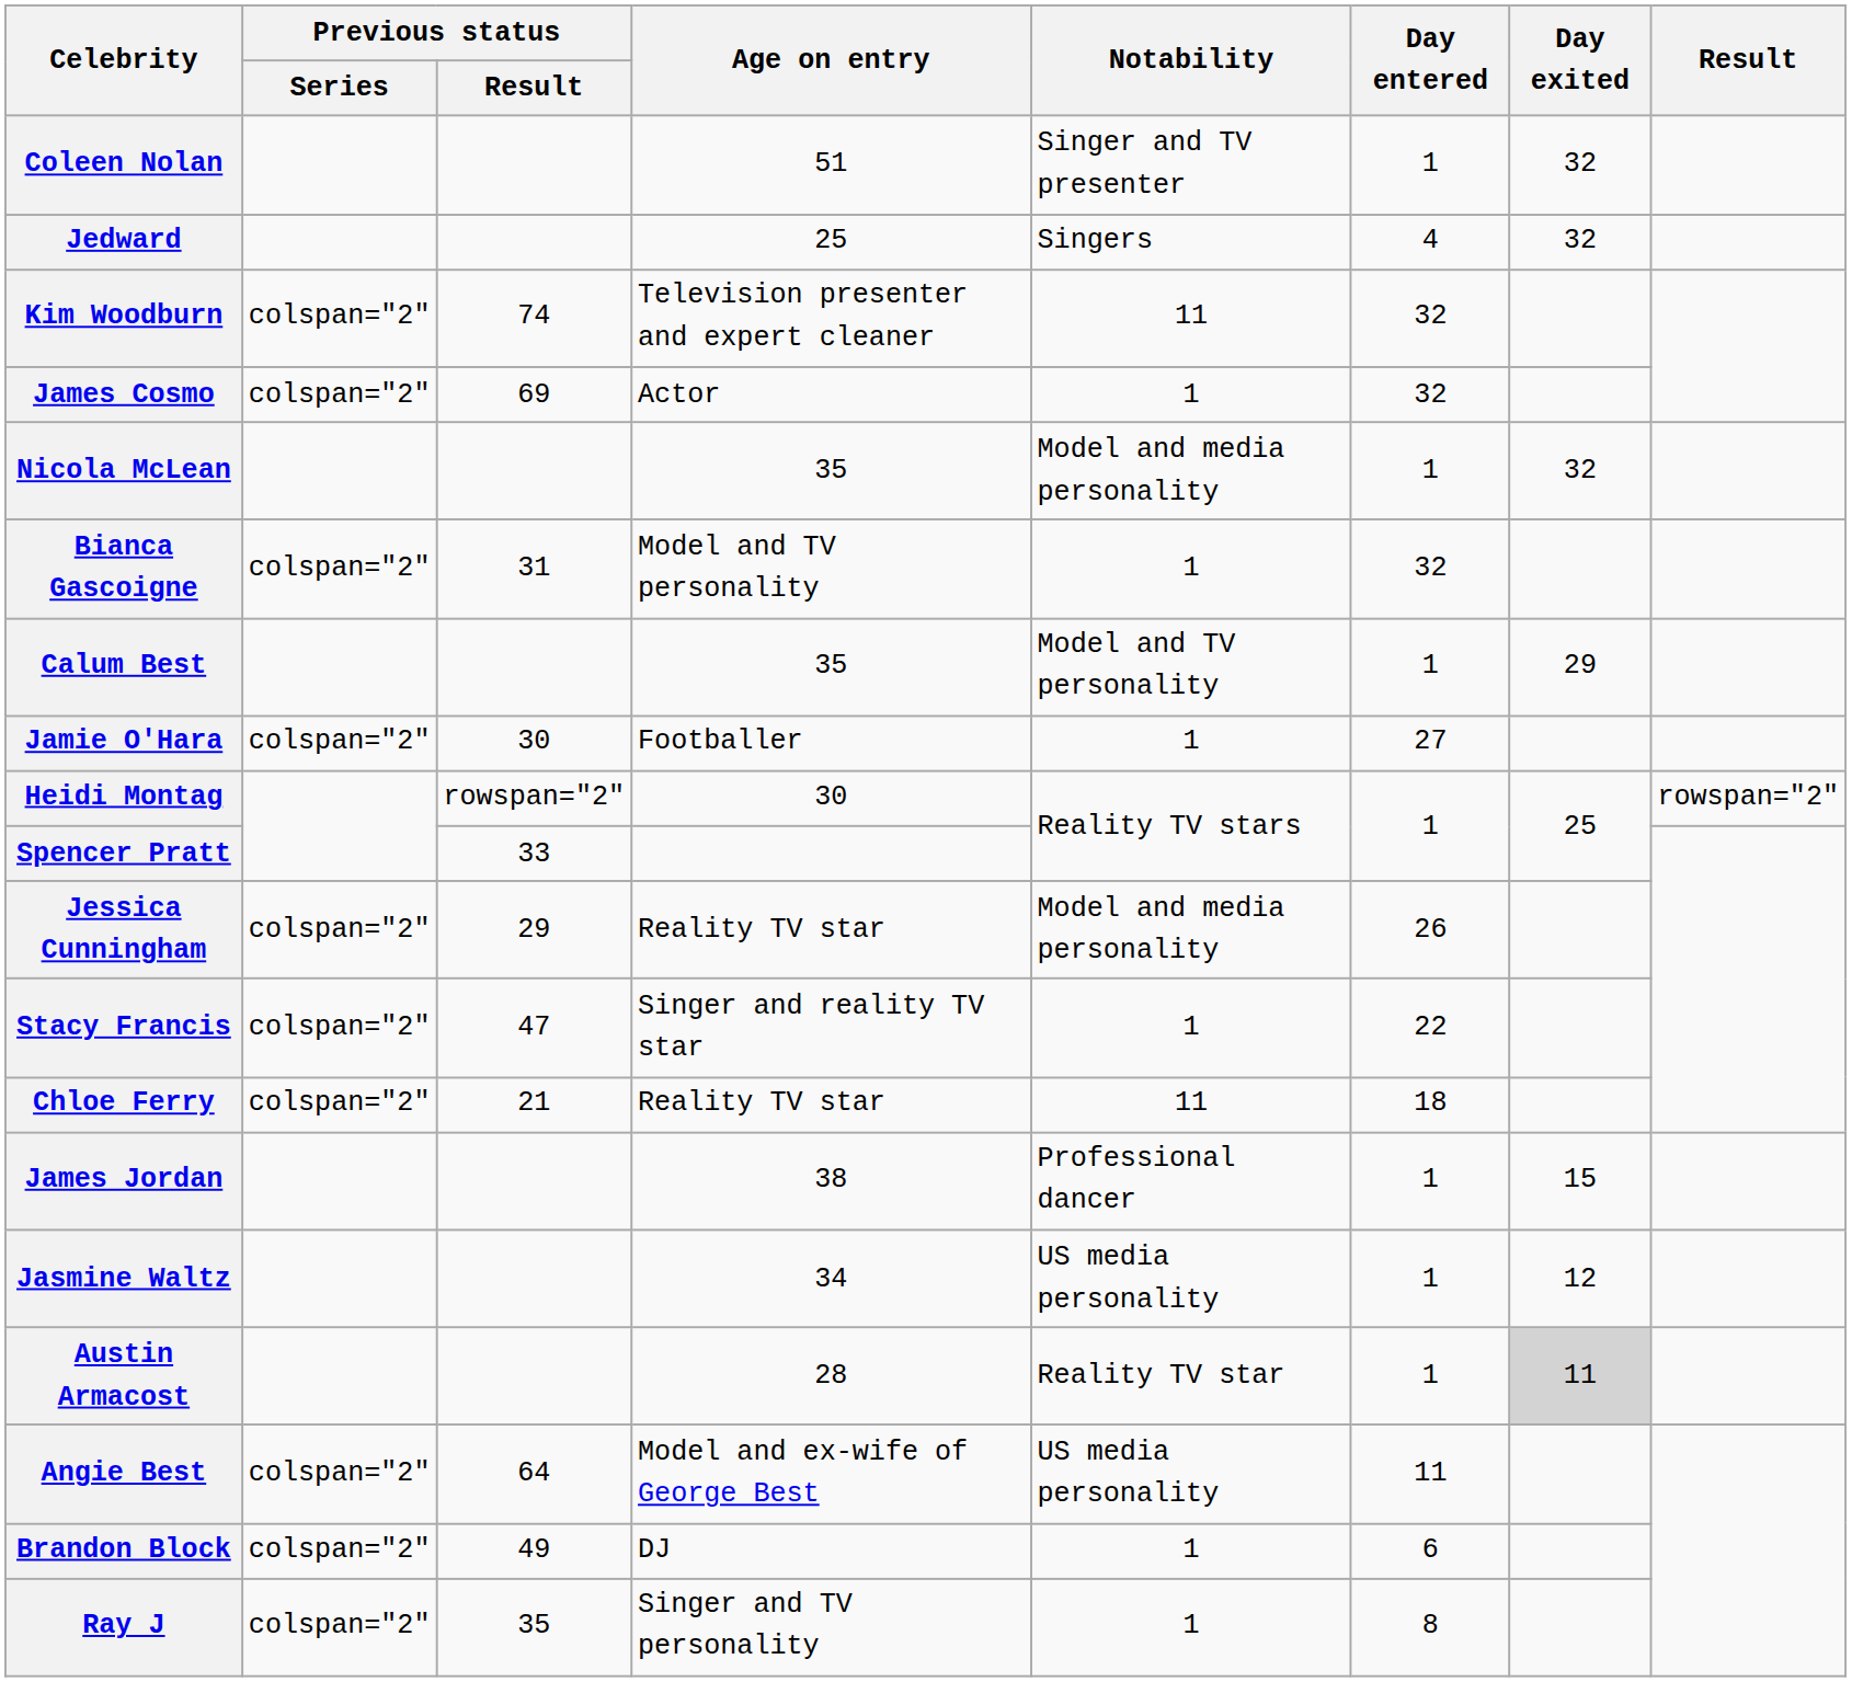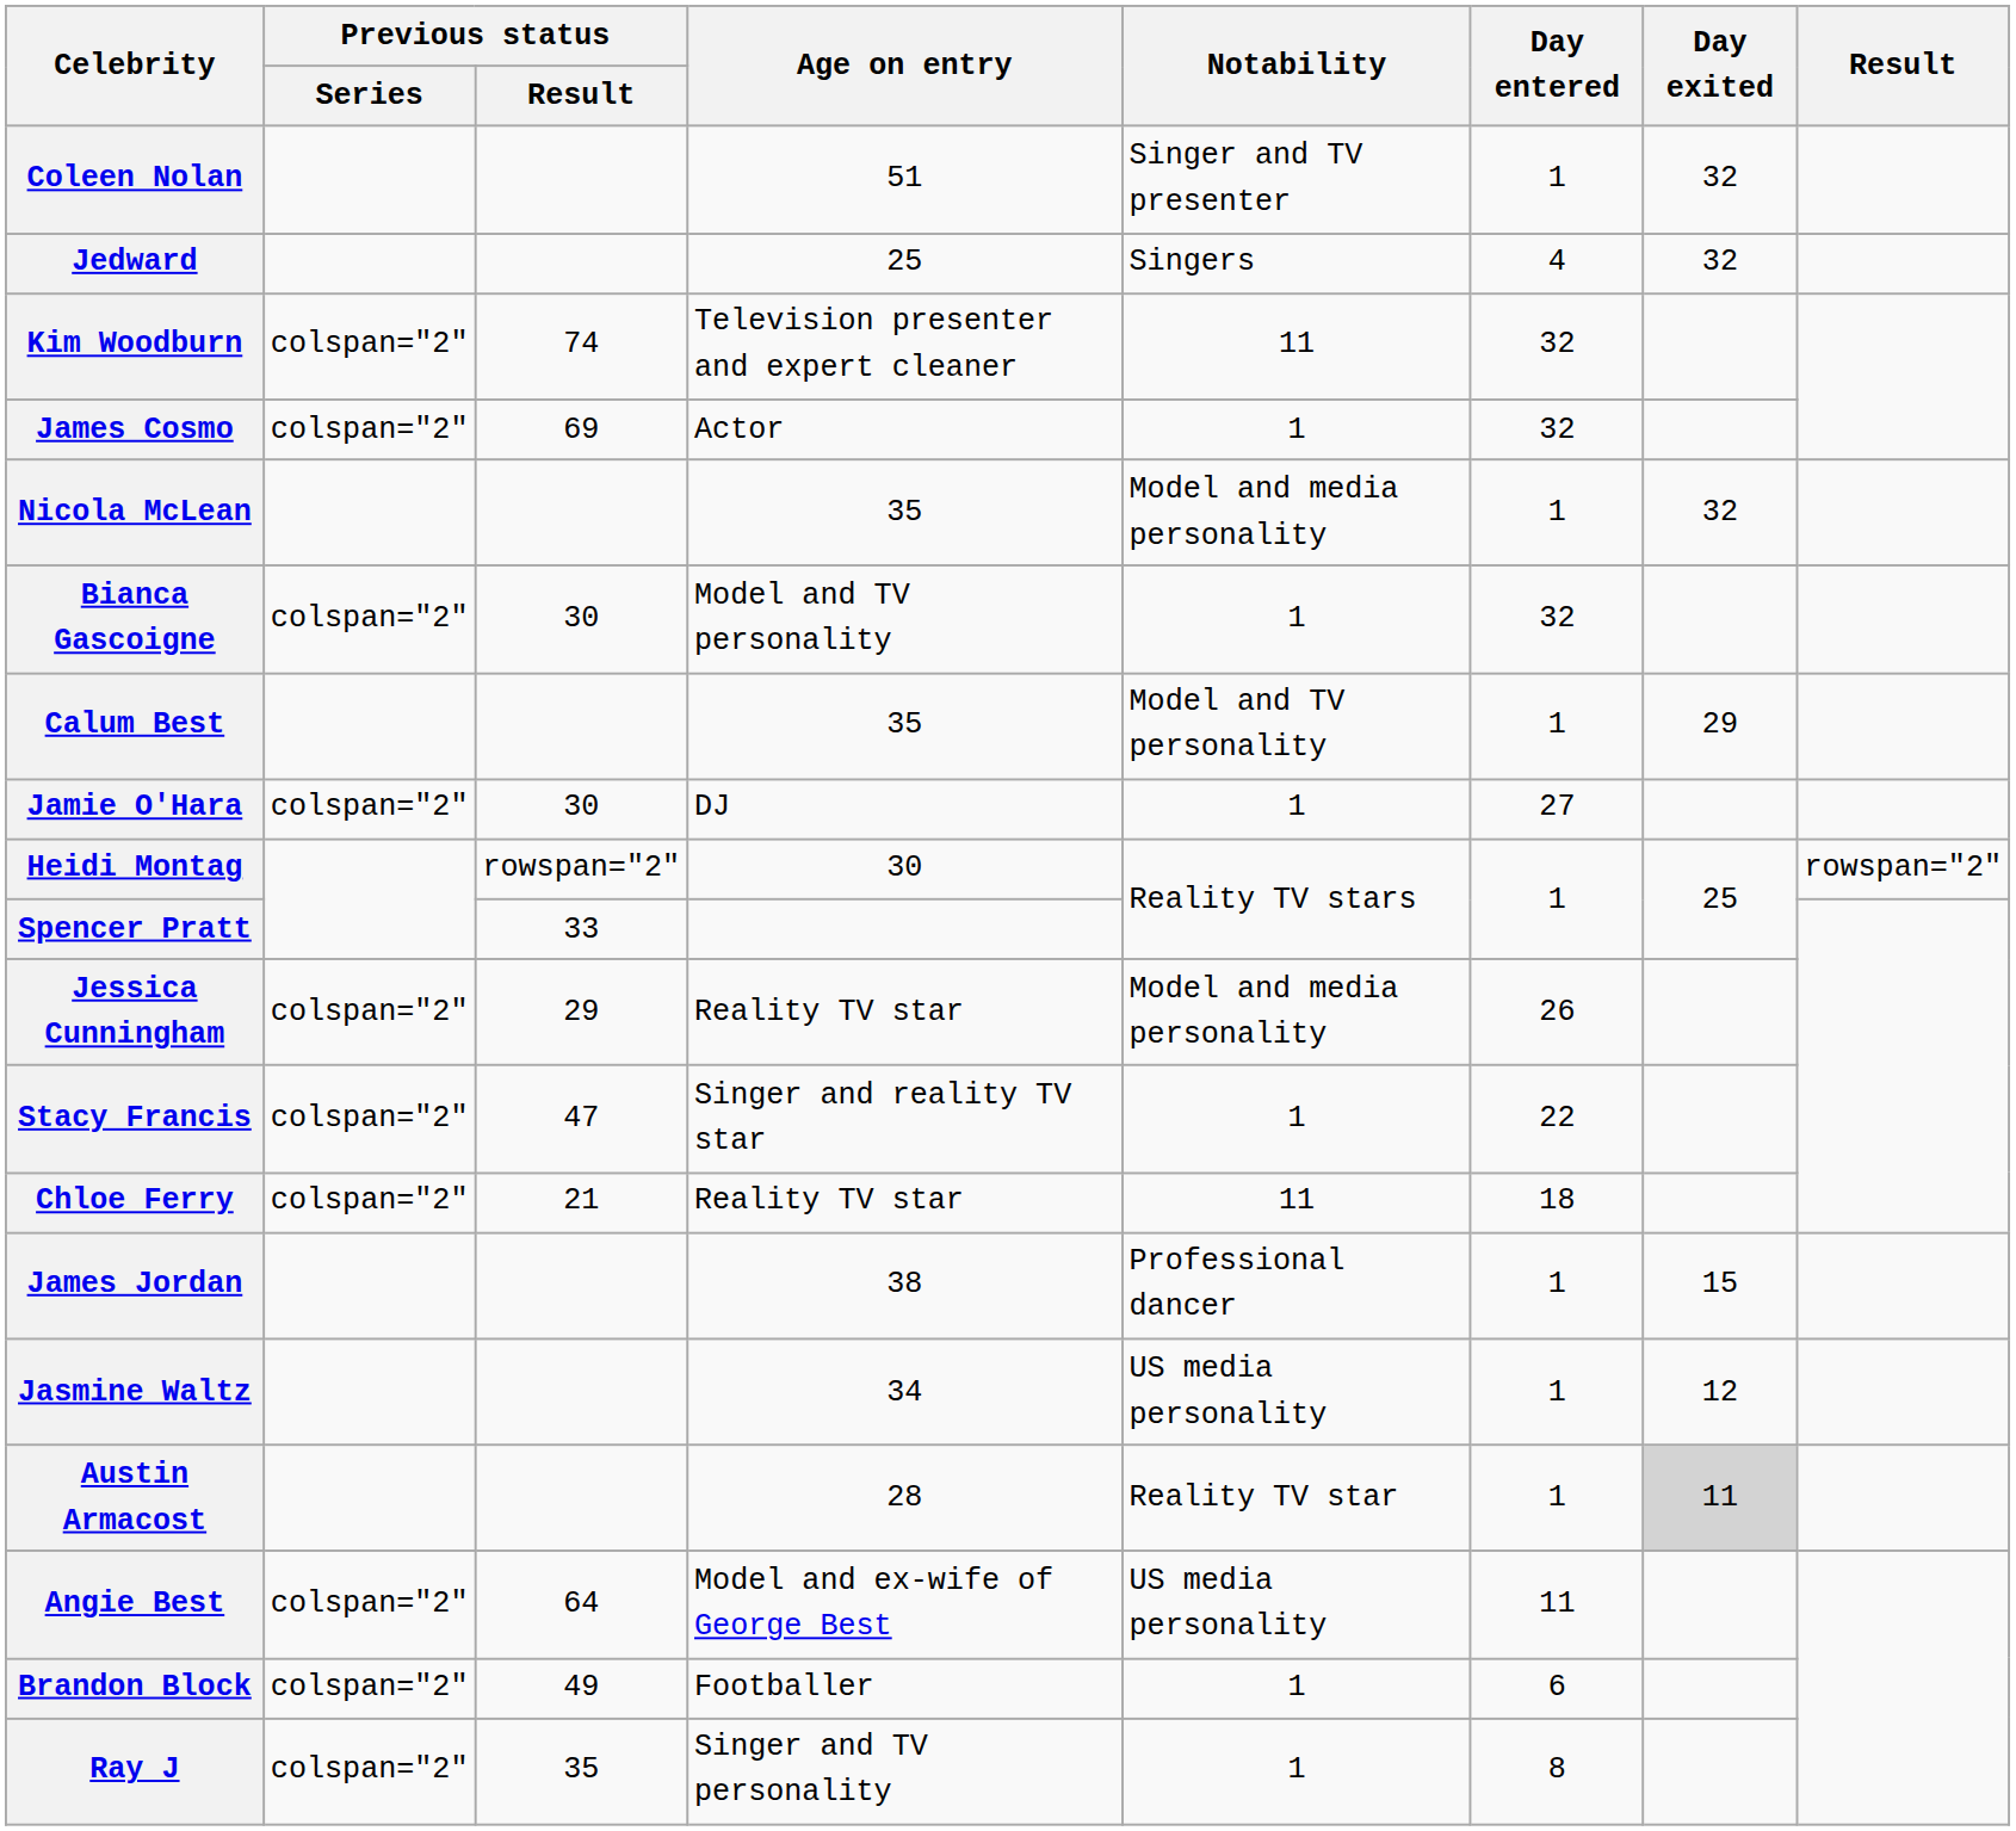 <table class="wikitable sortable" style="text-align:left; line-height:20px; width:auto;">
 <tr>
 <th scope="col" rowspan="2">Celebrity</th>
 <th scope="col" colspan="2">Previous status</th>
 <th scope="col" rowspan="2">Age on entry</th>
 <th scope="col" rowspan="2">Notability</th>
 <th scope="col" rowspan="2">Day entered</th>
 <th scope="col" rowspan="2">Day exited</th>
 <th scope="col" rowspan="2">Result</th>
 </tr>
 <tr>
 <th scope="col">Series</th>
 <th scope="col">Result</th>
 </tr>
 <tr>
 <th scope="row"><a href='#'>Coleen Nolan</a></th>
 <td></td>
 <td></td>
 <td align="center">51</td>
 <td>Singer and TV presenter</td>
 <td align="center">1</td>
 <td align="center">32</td>
 <td></td>
 </tr>
 <tr>
 <th scope="row"><a href='#'>Jedward</a></th>
 <td></td>
 <td></td>
 <td align="center">25</td>
 <td>Singers</td>
 <td align="center">4</td>
 <td align="center">32</td>
 <td></td>
 </tr>
 <tr>
 <th scope="row"><a href='#'>Kim Woodburn</a></th>
 <td>colspan="2" </td>
 <td align="center">74</td>
 <td>Television presenter and expert cleaner</td>
 <td align="center">11</td>
 <td align="center">32</td>
 <td></td>
 </tr>
 <tr>
 <th scope="row"><a href='#'>James Cosmo</a></th>
 <td>colspan="2" </td>
 <td align="center">69</td>
 <td>Actor</td>
 <td align="center">1</td>
 <td align="center">32</td>
 <td></td>
 </tr>
 <tr>
 <th scope="row"><a href='#'>Nicola McLean</a></th>
 <td></td>
 <td></td>
 <td align="center">35</td>
 <td>Model and media personality</td>
 <td align="center">1</td>
 <td align="center">32</td>
 <td></td>
 </tr>
 <tr>
 <th scope="row"><a href='#'>Bianca Gascoigne</a></th>
 <td>colspan="2" </td>
-<td align="center">31</td>
+<td align="center">30</td>
 <td>Model and TV personality</td>
 <td align="center">1</td>
 <td align="center">32</td>
 <td></td>
 </tr>
 <tr>
 <th scope="row"><a href='#'>Calum Best</a></th>
 <td></td>
 <td></td>
 <td align="center">35</td>
 <td>Model and TV personality</td>
 <td align="center">1</td>
 <td align="center">29</td>
 <td></td>
 </tr>
 <tr>
 <th scope="row"><a href='#'>Jamie O'Hara</a></th>
 <td>colspan="2" </td>
 <td align="center">30</td>
-<td>Footballer</td>
+<td>DJ</td>
 <td align="center">1</td>
 <td align="center">27</td>
 <td></td>
 </tr>
 <tr>
 <th scope="row"><a href='#'>Heidi Montag</a></th>
 <td rowspan="2"></td>
 <td>rowspan="2" </td>
 <td align="center">30</td>
 <td rowspan="2">Reality TV stars</td>
 <td rowspan="2" align="center">1</td>
 <td rowspan="2" align="center">25</td>
 <td>rowspan="2" </td>
 </tr>
 <tr>
 <th scope="row"><a href='#'>Spencer Pratt</a></th>
 <td align="center">33</td>
 </tr>
 <tr>
 <th scope="row"><a href='#'>Jessica Cunningham</a></th>
 <td>colspan="2" </td>
 <td align="center">29</td>
 <td>Reality TV star</td>
 <td>Model and media personality</td>
 <td align="center">26</td>
 <td></td>
 </tr>
 <tr>
 <th scope="row"><a href='#'>Stacy Francis</a></th>
 <td>colspan="2" </td>
 <td align="center">47</td>
 <td>Singer and reality TV star</td>
 <td align="center">1</td>
 <td align="center">22</td>
 <td></td>
 </tr>
 <tr>
 <th scope="row"><a href='#'>Chloe Ferry</a></th>
 <td>colspan="2" </td>
 <td align="center">21</td>
 <td>Reality TV star</td>
 <td align="center">11</td>
 <td align="center">18</td>
 <td></td>
 </tr>
 <tr>
 <th scope="row"><a href='#'>James Jordan</a></th>
 <td></td>
 <td></td>
 <td align="center">38</td>
 <td>Professional dancer</td>
 <td align="center">1</td>
 <td align="center">15</td>
 <td></td>
 </tr>
 <tr>
 <th scope="row"><a href='#'>Jasmine Waltz</a></th>
 <td></td>
 <td></td>
 <td align="center">34</td>
 <td>US media personality</td>
 <td align="center">1</td>
 <td align="center">12</td>
 <td></td>
 </tr>
 <tr>
 <th scope="row"><a href='#'>Austin Armacost</a></th>
 <td></td>
 <td></td>
 <td align="center">28</td>
 <td>Reality TV star</td>
 <td align="center">1</td>
 <td align="center" style="background: lightgrey;">11</td>
 <td></td>
 </tr>
 <tr>
 <th scope="row"><a href='#'>Angie Best</a></th>
 <td>colspan="2" </td>
 <td align="center">64</td>
 <td>Model and ex-wife of <a href='#'>George Best</a></td>
 <td>US media personality</td>
 <td align="center">11</td>
 <td></td>
 </tr>
 <tr>
 <th scope="row"><a href='#'>Brandon Block</a></th>
 <td>colspan="2" </td>
 <td align="center">49</td>
-<td>DJ</td>
+<td>Footballer</td>
 <td align="center">1</td>
 <td align="center">6</td>
 <td></td>
 </tr>
 <tr>
 <th scope="row"><a href='#'>Ray J</a></th>
 <td>colspan="2" </td>
 <td align="center">35</td>
 <td>Singer and TV personality</td>
 <td align="center">1</td>
 <td align="center">8</td>
 <td></td>
 </tr>
 </table>
